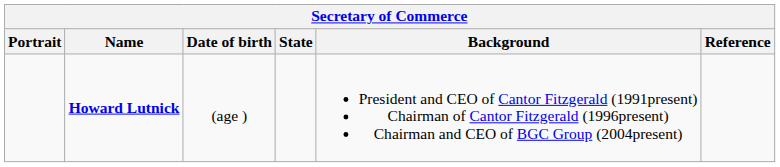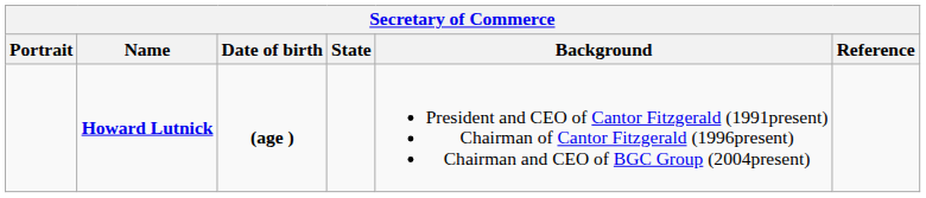 <table class="wikitable collapsible" style="text-align:center;">
 <tr>
 <th colspan="6"><a href='#'>Secretary of Commerce</a></th>
 </tr>
 <tr>
 <th>Portrait</th>
 <th>Name</th>
 <th>Date of birth</th>
 <th>State</th>
 <th>Background</th>
 <th>Reference</th>
 </tr>
 <tr>
 <td></td>
 <td><strong><a href='#'>Howard Lutnick</a></strong></td>
-<td><br>(age )</td>
+<td><strong><br>(age )</strong></td>
 <td></td>
 <td><br><ul><li>President and CEO of <a href='#'>Cantor Fitzgerald</a> (1991present)</li><li>Chairman of <a href='#'>Cantor Fitzgerald</a> (1996present)</li><li>Chairman and CEO of <a href='#'>BGC Group</a> (2004present)</li></ul></td>
 <td></td>
 </tr>
 </table>
